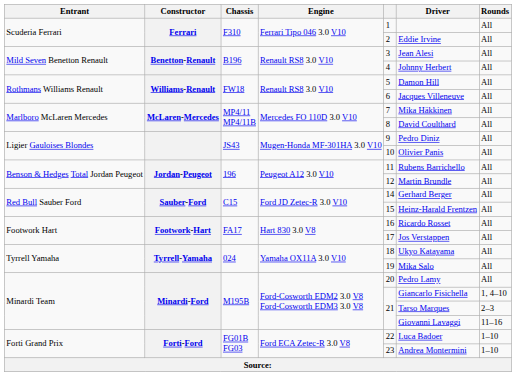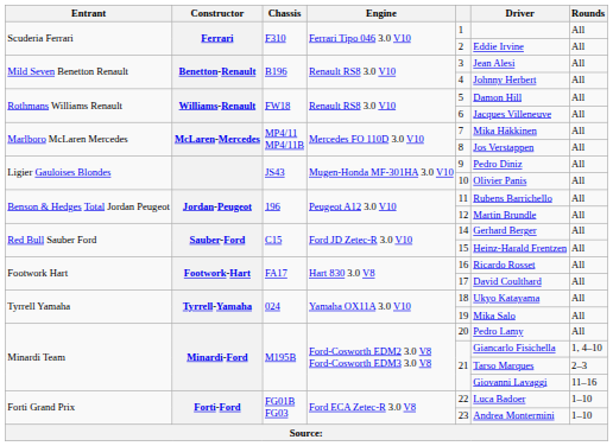 <table class="wikitable sortable" style="font-size: 85%">
 <tr>
 <th>Entrant</th>
 <th>Constructor</th>
 <th>Chassis</th>
 <th>Engine</th>
 <th></th>
 <th>Driver</th>
 <th>Rounds</th>
 </tr>
 <tr>
 <td rowspan=2> Scuderia Ferrari</td>
 <th rowspan=2><a href='#'>Ferrari</a></th>
 <td rowspan=2><a href='#'>F310</a></td>
 <td rowspan=2><a href='#'>Ferrari Tipo 046</a> 3.0 <a href='#'>V10</a></td>
 <td>1</td>
 <td></td>
 <td>All</td>
 </tr>
 <tr>
 <td>2</td>
 <td> <a href='#'>Eddie Irvine</a></td>
 <td>All</td>
 </tr>
 <tr>
 <td rowspan=2> <a href='#'>Mild Seven</a> Benetton Renault</td>
 <th rowspan=2><a href='#'>Benetton</a>-<a href='#'>Renault</a></th>
 <td rowspan=2><a href='#'>B196</a></td>
 <td rowspan=2><a href='#'>Renault RS8</a> 3.0 <a href='#'>V10</a></td>
 <td>3</td>
 <td> <a href='#'>Jean Alesi</a></td>
 <td>All</td>
 </tr>
 <tr>
 <td>4</td>
 <td> <a href='#'>Johnny Herbert</a></td>
 <td>All</td>
 </tr>
 <tr>
 <td rowspan=2> <a href='#'>Rothmans</a> Williams Renault</td>
 <th rowspan=2><a href='#'>Williams</a>-<a href='#'>Renault</a></th>
 <td rowspan=2><a href='#'>FW18</a></td>
 <td rowspan=2><a href='#'>Renault RS8</a> 3.0 <a href='#'>V10</a></td>
 <td>5</td>
 <td> <a href='#'>Damon Hill</a></td>
 <td>All</td>
 </tr>
 <tr>
 <td>6</td>
 <td> <a href='#'>Jacques Villeneuve</a></td>
 <td>All</td>
 </tr>
 <tr>
 <td rowspan=2> <a href='#'>Marlboro</a> McLaren Mercedes</td>
 <th rowspan=2><a href='#'>McLaren</a>-<a href='#'>Mercedes</a></th>
 <td rowspan=2><a href='#'>MP4/11</a><br><a href='#'>MP4/11B</a></td>
 <td rowspan=2><a href='#'>Mercedes FO 110D</a> 3.0 <a href='#'>V10</a></td>
 <td>7</td>
 <td> <a href='#'>Mika Häkkinen</a></td>
 <td>All</td>
 </tr>
 <tr>
 <td>8</td>
-<td> <a href='#'>David Coulthard</a></td>
+<td> <a href='#'>Jos Verstappen</a></td>
 <td>All</td>
 </tr>
 <tr>
 <td rowspan=2> Ligier <a href='#'>Gauloises Blondes</a></td>
 <th rowspan=2></th>
 <td rowspan=2><a href='#'>JS43</a></td>
 <td rowspan=2><a href='#'>Mugen-Honda MF-301HA</a> 3.0 <a href='#'>V10</a></td>
 <td>9</td>
 <td> <a href='#'>Pedro Diniz</a></td>
 <td>All</td>
 </tr>
 <tr>
 <td>10</td>
 <td> <a href='#'>Olivier Panis</a></td>
 <td>All</td>
 </tr>
 <tr>
 <td rowspan=2> <a href='#'>Benson & Hedges</a> <a href='#'>Total</a> Jordan Peugeot</td>
 <th rowspan=2><a href='#'>Jordan</a>-<a href='#'>Peugeot</a></th>
 <td rowspan=2><a href='#'>196</a></td>
 <td rowspan=2><a href='#'>Peugeot A12</a> 3.0 <a href='#'>V10</a></td>
 <td>11</td>
 <td> <a href='#'>Rubens Barrichello</a></td>
 <td>All</td>
 </tr>
 <tr>
 <td>12</td>
 <td> <a href='#'>Martin Brundle</a></td>
 <td>All</td>
 </tr>
 <tr>
 <td rowspan=2> <a href='#'>Red Bull</a> Sauber Ford</td>
 <th rowspan=2><a href='#'>Sauber</a>-<a href='#'>Ford</a></th>
 <td rowspan=2><a href='#'>C15</a></td>
 <td rowspan=2><a href='#'>Ford JD Zetec-R</a> 3.0 <a href='#'>V10</a></td>
 <td>14</td>
 <td> <a href='#'>Gerhard Berger</a></td>
 <td>All</td>
 </tr>
 <tr>
 <td>15</td>
 <td> <a href='#'>Heinz-Harald Frentzen</a></td>
 <td>All</td>
 </tr>
 <tr>
 <td rowspan=2> Footwork Hart</td>
 <th rowspan=2><a href='#'>Footwork</a>-<a href='#'>Hart</a></th>
 <td rowspan=2><a href='#'>FA17</a></td>
 <td rowspan=2><a href='#'>Hart 830</a> 3.0 <a href='#'>V8</a></td>
 <td>16</td>
 <td> <a href='#'>Ricardo Rosset</a></td>
 <td>All</td>
 </tr>
 <tr>
 <td>17</td>
-<td> <a href='#'>Jos Verstappen</a></td>
+<td> <a href='#'>David Coulthard</a></td>
 <td>All</td>
 </tr>
 <tr>
 <td rowspan=2> Tyrrell Yamaha</td>
 <th rowspan=2><a href='#'>Tyrrell</a>-<a href='#'>Yamaha</a></th>
 <td rowspan=2><a href='#'>024</a></td>
 <td rowspan=2><a href='#'>Yamaha OX11A</a> 3.0 <a href='#'>V10</a></td>
 <td>18</td>
 <td> <a href='#'>Ukyo Katayama</a></td>
 <td>All</td>
 </tr>
 <tr>
 <td>19</td>
 <td> <a href='#'>Mika Salo</a></td>
 <td>All</td>
 </tr>
 <tr>
 <td rowspan=4> Minardi Team</td>
 <th rowspan=4><a href='#'>Minardi</a>-<a href='#'>Ford</a></th>
 <td rowspan=4><a href='#'>M195B</a></td>
 <td rowspan=4><a href='#'>Ford-Cosworth EDM2</a> 3.0 <a href='#'>V8</a><br><a href='#'>Ford-Cosworth EDM3</a> 3.0 <a href='#'>V8</a></td>
 <td>20</td>
 <td> <a href='#'>Pedro Lamy</a></td>
 <td>All</td>
 </tr>
 <tr>
 <td align="left" rowspan=3>21</td>
 <td> <a href='#'>Giancarlo Fisichella</a></td>
 <td>1, 4–10</td>
 </tr>
 <tr>
 <td> <a href='#'>Tarso Marques</a></td>
 <td>2–3</td>
 </tr>
 <tr>
 <td> <a href='#'>Giovanni Lavaggi</a></td>
 <td>11–16</td>
 </tr>
 <tr>
 <td rowspan=2> Forti Grand Prix</td>
 <th rowspan=2><a href='#'>Forti</a>-<a href='#'>Ford</a></th>
 <td rowspan=2><a href='#'>FG01B</a><br><a href='#'>FG03</a></td>
 <td rowspan=2><a href='#'>Ford ECA Zetec-R</a> 3.0 <a href='#'>V8</a></td>
 <td>22</td>
 <td> <a href='#'>Luca Badoer</a></td>
 <td>1–10</td>
 </tr>
 <tr>
 <td>23</td>
 <td> <a href='#'>Andrea Montermini</a></td>
 <td>1–10</td>
 </tr>
 <tr>
 <th colspan="8">Source:</th>
 </tr>
 </table>
